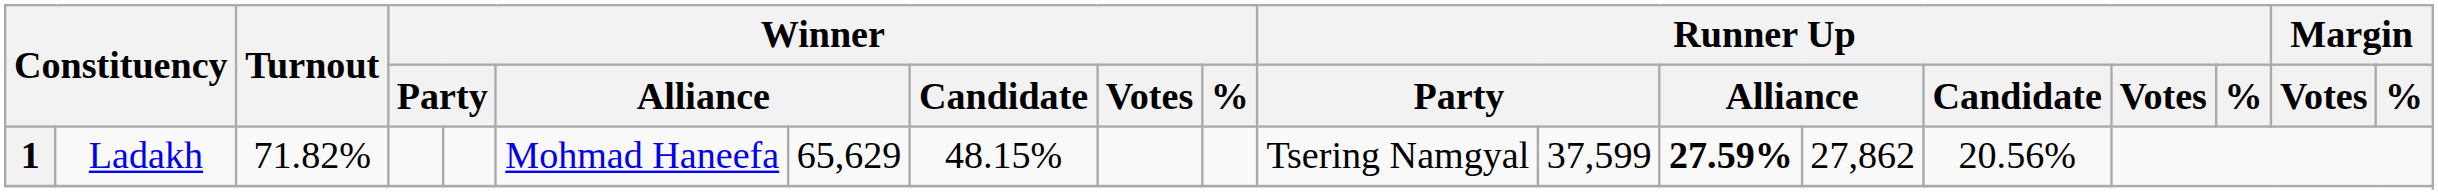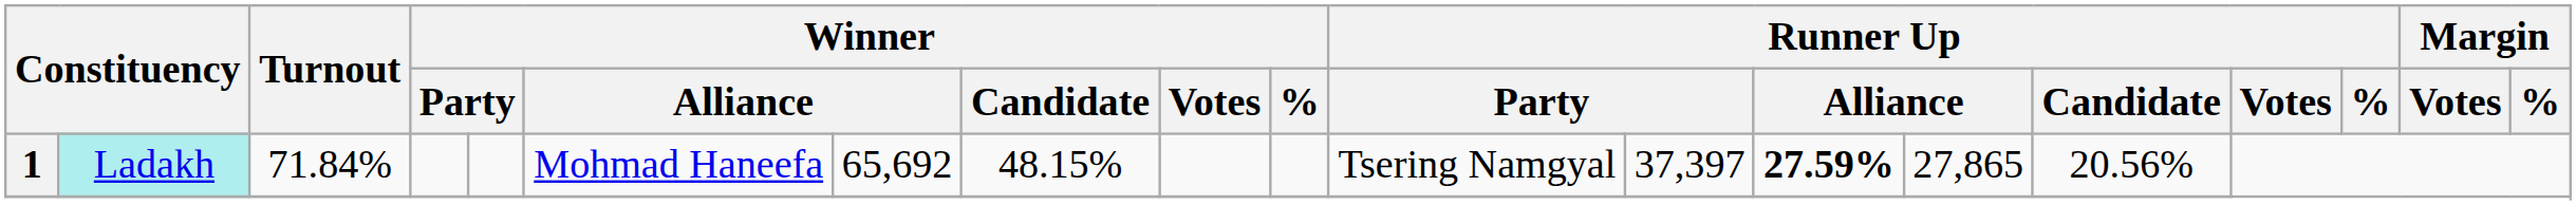 <table class="wikitable sortable" style="text-align:center;">
 <tr>
 <th colspan="2" rowspan="2">Constituency</th>
 <th rowspan="2">Turnout</th>
 <th colspan="7">Winner</th>
 <th colspan="7">Runner Up</th>
 <th colspan="2">Margin</th>
 </tr>
 <tr>
 <th colspan="2">Party</th>
 <th colspan="2">Alliance</th>
 <th>Candidate</th>
 <th>Votes</th>
 <th>%</th>
 <th colspan="2">Party</th>
 <th colspan="2">Alliance</th>
 <th>Candidate</th>
 <th>Votes</th>
 <th>%</th>
 <th>Votes</th>
 <th>%</th>
 </tr>
 <tr>
 <th>1</th>
-<td><a href='#'>Ladakh</a></td>
-<td>71.82%</td>
+<td style="background: paleturquoise;"><a href='#'>Ladakh</a></td>
+<td>71.84%</td>
 <td></td>
 <td></td>
 <td><a href='#'>Mohmad Haneefa</a></td>
-<td>65,629</td>
+<td>65,692</td>
 <td>48.15%</td>
 <td></td>
 <td></td>
 <td>Tsering Namgyal</td>
-<td>37,599</td>
+<td>37,397</td>
 <td><strong>27.59%</strong></td>
-<td style="background:">27,862</td>
+<td style="background:">27,865</td>
 <td style="background:">20.56%</td>
 </tr>
 <tr>
 </tr>
 </table>
